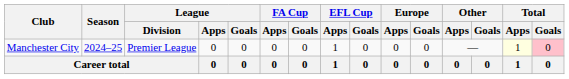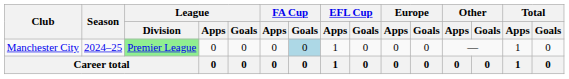 <table class="wikitable" style="text-align:center;">
 <tr>
 <th rowspan="2">Club</th>
 <th rowspan="2">Season</th>
 <th colspan="3">League</th>
 <th colspan="2"><a href='#'>FA Cup</a></th>
 <th colspan="2"><a href='#'>EFL Cup</a></th>
 <th colspan="2">Europe</th>
 <th colspan="2">Other</th>
 <th colspan="2">Total</th>
 </tr>
 <tr>
 <th>Division</th>
 <th>Apps</th>
 <th>Goals</th>
 <th>Apps</th>
 <th>Goals</th>
 <th>Apps</th>
 <th>Goals</th>
 <th>Apps</th>
 <th>Goals</th>
 <th>Apps</th>
 <th>Goals</th>
 <th>Apps</th>
 <th>Goals</th>
 </tr>
 <tr>
 <td><a href='#'>Manchester City</a></td>
 <td><a href='#'>2024–25</a></td>
-<td><a href='#'>Premier League</a></td>
+<td style="background: lightgreen;"><a href='#'>Premier League</a></td>
 <td>0</td>
 <td>0</td>
 <td>0</td>
-<td>0</td>
+<td style="background: lightblue;">0</td>
 <td>1</td>
 <td>0</td>
 <td>0</td>
 <td>0</td>
 <td colspan=2>—</td>
-<td style="background: lightyellow;">1</td>
-<td style="background: pink;">0</td>
+<td>1</td>
+<td>0</td>
 </tr>
 <tr>
 <th colspan="3">Career total</th>
 <th>0</th>
 <th>0</th>
 <th>0</th>
 <th>0</th>
 <th>1</th>
 <th>0</th>
 <th>0</th>
 <th>0</th>
 <th>0</th>
 <th>0</th>
 <th>1</th>
 <th>0</th>
 </tr>
 </table>
